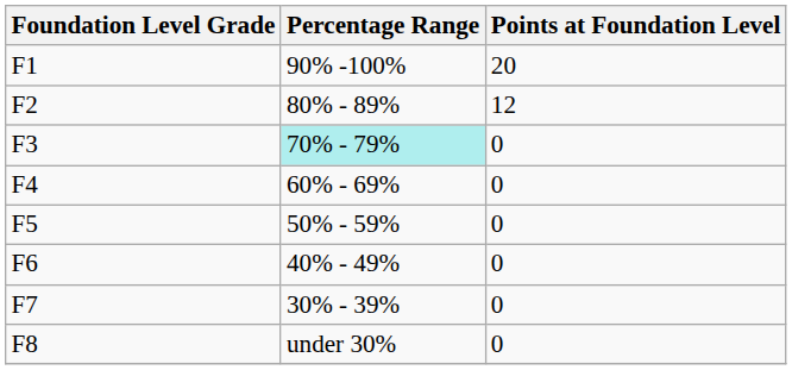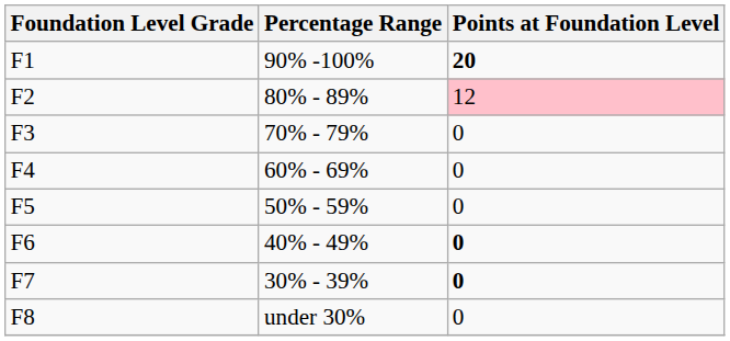 <table class="wikitable">
 <tr>
 <th>Foundation Level Grade</th>
 <th>Percentage Range</th>
 <th>Points at Foundation Level</th>
 </tr>
 <tr>
 <td>F1</td>
 <td>90% -100%</td>
-<td>20</td>
+<td><strong>20</strong></td>
 </tr>
 <tr>
 <td>F2</td>
 <td>80% - 89%</td>
-<td>12</td>
+<td style="background: pink;">12</td>
 </tr>
 <tr>
 <td>F3</td>
-<td style="background: paleturquoise;">70% - 79%</td>
+<td>70% - 79%</td>
 <td>0</td>
 </tr>
 <tr>
 <td>F4</td>
 <td>60% - 69%</td>
 <td>0</td>
 </tr>
 <tr>
 <td>F5</td>
 <td>50% - 59%</td>
 <td>0</td>
 </tr>
 <tr>
 <td>F6</td>
 <td>40% - 49%</td>
-<td>0</td>
+<td><strong>0</strong></td>
 </tr>
 <tr>
 <td>F7</td>
 <td>30% - 39%</td>
-<td>0</td>
+<td><strong>0</strong></td>
 </tr>
 <tr>
 <td>F8</td>
 <td>under 30%</td>
 <td>0</td>
 </tr>
 <tr>
 </tr>
 </table>
